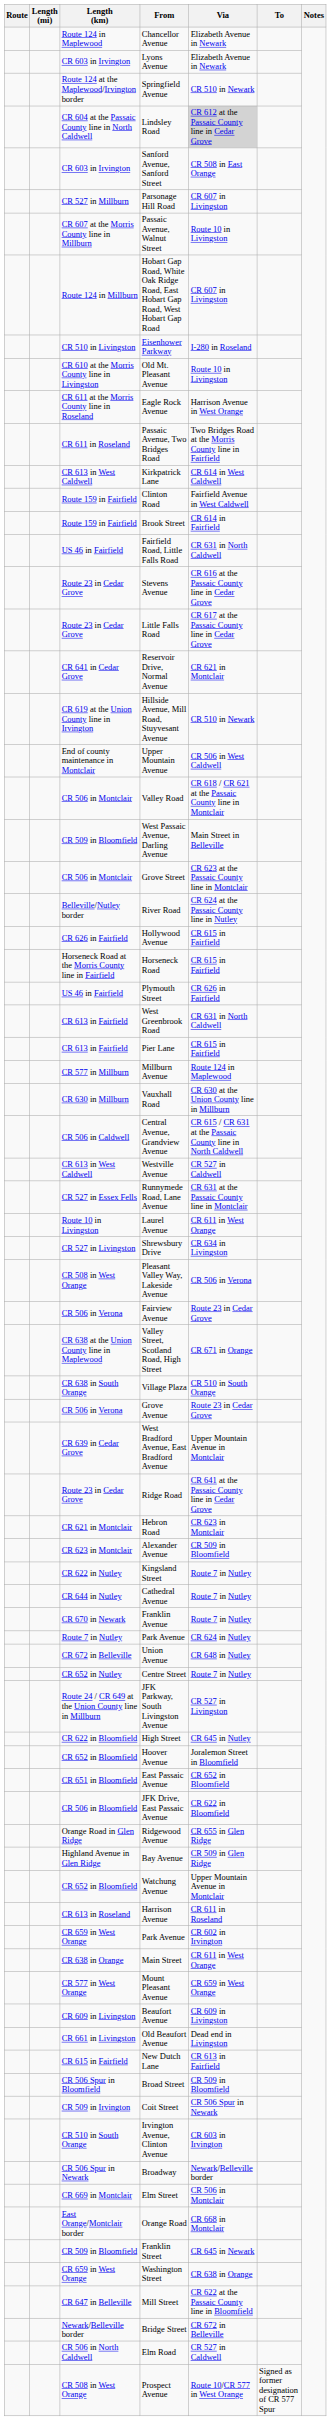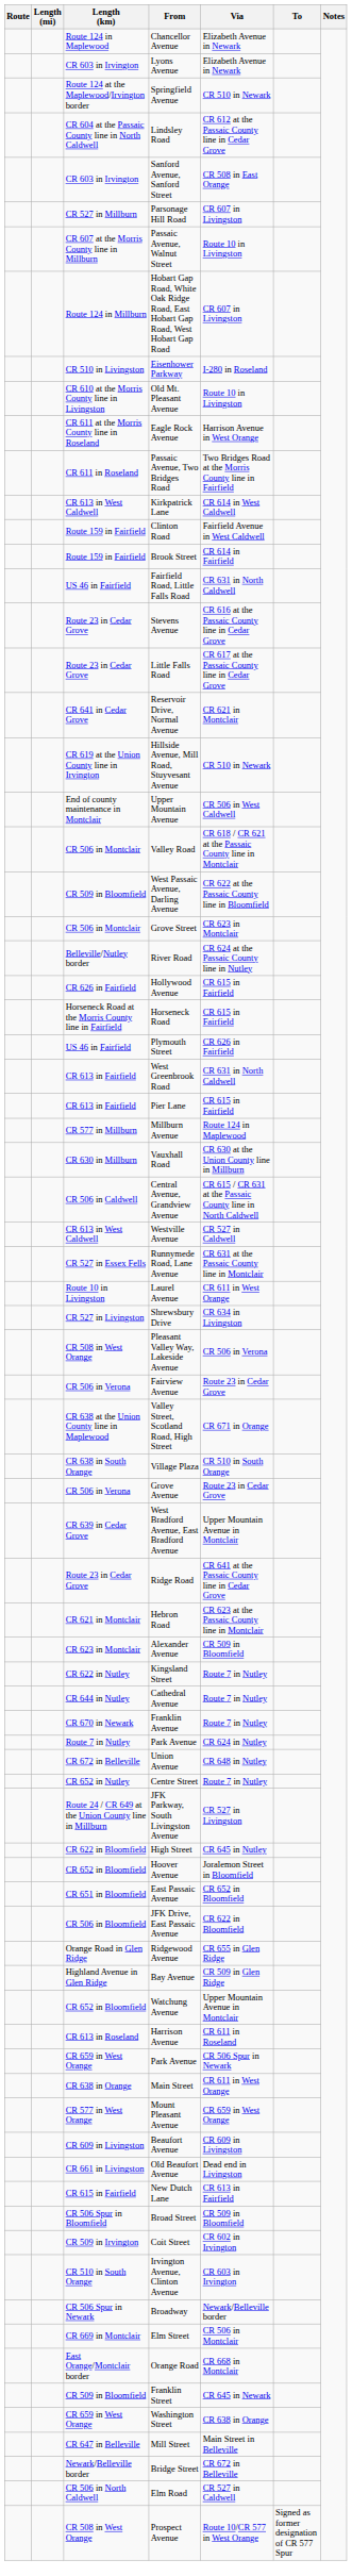 <table class="wikitable sortable">
 <tr>
 <th>Route</th>
 <th>Length<br>(mi)</th>
 <th>Length<br>(km)</th>
 <th class="unsortable">From</th>
 <th class="unsortable">Via</th>
 <th class="unsortable">To</th>
 <th class="unsortable">Notes</th>
 </tr>
 <tr>
 <td id="601"></td>
 <td></td>
 <td><a href='#'>Route 124</a> in <a href='#'>Maplewood</a></td>
 <td>Chancellor Avenue</td>
 <td>Elizabeth Avenue in <a href='#'>Newark</a></td>
 <td></td>
 </tr>
 <tr>
 <td id="602"></td>
 <td></td>
 <td><a href='#'>CR 603</a> in <a href='#'>Irvington</a></td>
 <td>Lyons Avenue</td>
 <td>Elizabeth Avenue in <a href='#'>Newark</a></td>
 <td></td>
 </tr>
 <tr>
 <td id="603"></td>
 <td></td>
 <td><a href='#'>Route 124</a> at the <a href='#'>Maplewood</a>/<a href='#'>Irvington</a> border</td>
 <td>Springfield Avenue</td>
 <td><a href='#'>CR 510</a> in <a href='#'>Newark</a></td>
 <td></td>
 </tr>
 <tr>
 <td id="604"></td>
 <td></td>
 <td><a href='#'>CR 604</a> at the <a href='#'>Passaic County</a> line in <a href='#'>North Caldwell</a></td>
 <td>Lindsley Road</td>
-<td style="background: lightgrey;"><a href='#'>CR 612</a> at the <a href='#'>Passaic County</a> line in <a href='#'>Cedar Grove</a></td>
+<td><a href='#'>CR 612</a> at the <a href='#'>Passaic County</a> line in <a href='#'>Cedar Grove</a></td>
 <td></td>
 </tr>
 <tr>
 <td id="605"></td>
 <td></td>
 <td><a href='#'>CR 603</a> in <a href='#'>Irvington</a></td>
 <td>Sanford Avenue, Sanford Street</td>
 <td><a href='#'>CR 508</a> in <a href='#'>East Orange</a></td>
 <td></td>
 </tr>
 <tr>
 <td id="606"></td>
 <td></td>
 <td><a href='#'>CR 527</a> in <a href='#'>Millburn</a></td>
 <td>Parsonage Hill Road</td>
 <td><a href='#'>CR 607</a> in <a href='#'>Livingston</a></td>
 <td></td>
 </tr>
 <tr>
 <td id="607"></td>
 <td></td>
 <td><a href='#'>CR 607</a> at the <a href='#'>Morris County</a> line in <a href='#'>Millburn</a></td>
 <td>Passaic Avenue, Walnut Street</td>
 <td><a href='#'>Route 10</a> in <a href='#'>Livingston</a></td>
 <td></td>
 </tr>
 <tr>
 <td id="608"></td>
 <td></td>
 <td><a href='#'>Route 124</a> in <a href='#'>Millburn</a></td>
 <td>Hobart Gap Road, White Oak Ridge Road, East Hobart Gap Road, West Hobart Gap Road</td>
 <td><a href='#'>CR 607</a> in <a href='#'>Livingston</a></td>
 <td></td>
 </tr>
 <tr>
 <td id="609"></td>
 <td></td>
 <td><a href='#'>CR 510</a> in <a href='#'>Livingston</a></td>
 <td><a href='#'>Eisenhower Parkway</a></td>
 <td><a href='#'>I-280</a> in <a href='#'>Roseland</a></td>
 <td></td>
 </tr>
 <tr>
 <td id="610"></td>
 <td></td>
 <td><a href='#'>CR 610</a> at the <a href='#'>Morris County</a> line in <a href='#'>Livingston</a></td>
 <td>Old Mt. Pleasant Avenue</td>
 <td><a href='#'>Route 10</a> in <a href='#'>Livingston</a></td>
 <td></td>
 </tr>
 <tr>
 <td id="611"></td>
 <td></td>
 <td><a href='#'>CR 611</a> at the <a href='#'>Morris County</a> line in <a href='#'>Roseland</a></td>
 <td>Eagle Rock Avenue</td>
 <td>Harrison Avenue in <a href='#'>West Orange</a></td>
 <td></td>
 </tr>
 <tr>
 <td id="613"></td>
 <td></td>
 <td><a href='#'>CR 611</a> in <a href='#'>Roseland</a></td>
 <td>Passaic Avenue, Two Bridges Road</td>
 <td>Two Bridges Road at the <a href='#'>Morris County</a> line in <a href='#'>Fairfield</a></td>
 <td></td>
 </tr>
 <tr>
 <td id="613 Spur"></td>
 <td></td>
 <td><a href='#'>CR 613</a> in <a href='#'>West Caldwell</a></td>
 <td>Kirkpatrick Lane</td>
 <td><a href='#'>CR 614</a> in <a href='#'>West Caldwell</a></td>
 <td></td>
 </tr>
 <tr>
 <td id="614"></td>
 <td></td>
 <td><a href='#'>Route 159</a> in <a href='#'>Fairfield</a></td>
 <td>Clinton Road</td>
 <td>Fairfield Avenue in <a href='#'>West Caldwell</a></td>
 <td></td>
 </tr>
 <tr>
 <td id="614 Spur"></td>
 <td></td>
 <td><a href='#'>Route 159</a> in <a href='#'>Fairfield</a></td>
 <td>Brook Street</td>
 <td><a href='#'>CR 614</a> in <a href='#'>Fairfield</a></td>
 <td></td>
 </tr>
 <tr>
 <td id="615"></td>
 <td></td>
 <td><a href='#'>US 46</a> in <a href='#'>Fairfield</a></td>
 <td>Fairfield Road, Little Falls Road</td>
 <td><a href='#'>CR 631</a> in <a href='#'>North Caldwell</a></td>
 <td></td>
 </tr>
 <tr>
 <td id="616"></td>
 <td></td>
 <td><a href='#'>Route 23</a> in <a href='#'>Cedar Grove</a></td>
 <td>Stevens Avenue</td>
 <td><a href='#'>CR 616</a> at the <a href='#'>Passaic County</a> line in <a href='#'>Cedar Grove</a></td>
 <td></td>
 </tr>
 <tr>
 <td id="617"></td>
 <td></td>
 <td><a href='#'>Route 23</a> in <a href='#'>Cedar Grove</a></td>
 <td>Little Falls Road</td>
 <td><a href='#'>CR 617</a> at the <a href='#'>Passaic County</a> line in <a href='#'>Cedar Grove</a></td>
 <td></td>
 </tr>
 <tr>
 <td id="618"></td>
 <td></td>
 <td><a href='#'>CR 641</a> in <a href='#'>Cedar Grove</a></td>
 <td>Reservoir Drive, Normal Avenue</td>
 <td><a href='#'>CR 621</a> in <a href='#'>Montclair</a></td>
 <td></td>
 </tr>
 <tr>
 <td id="619"></td>
 <td></td>
 <td><a href='#'>CR 619</a> at the <a href='#'>Union County</a> line in <a href='#'>Irvington</a></td>
 <td>Hillside Avenue, Mill Road, Stuyvesant Avenue</td>
 <td><a href='#'>CR 510</a> in <a href='#'>Newark</a></td>
 <td></td>
 </tr>
 <tr>
 <td id="620"></td>
 <td></td>
 <td>End of county maintenance in <a href='#'>Montclair</a></td>
 <td>Upper Mountain Avenue</td>
 <td><a href='#'>CR 506</a> in <a href='#'>West Caldwell</a></td>
 <td></td>
 </tr>
 <tr>
 <td id="621"></td>
 <td></td>
 <td><a href='#'>CR 506</a> in <a href='#'>Montclair</a></td>
 <td>Valley Road</td>
 <td><a href='#'>CR 618</a> / <a href='#'>CR 621</a> at the <a href='#'>Passaic County</a> line in <a href='#'>Montclair</a></td>
 <td></td>
 </tr>
 <tr>
 <td id="622"></td>
 <td></td>
 <td><a href='#'>CR 509</a> in <a href='#'>Bloomfield</a></td>
 <td>West Passaic Avenue, Darling Avenue</td>
-<td>Main Street in <a href='#'>Belleville</a></td>
+<td><a href='#'>CR 622</a> at the <a href='#'>Passaic County</a> line in <a href='#'>Bloomfield</a></td>
 <td></td>
 </tr>
 <tr>
 <td id="623"></td>
 <td></td>
 <td><a href='#'>CR 506</a> in <a href='#'>Montclair</a></td>
 <td>Grove Street</td>
-<td><a href='#'>CR 623</a> at the <a href='#'>Passaic County</a> line in <a href='#'>Montclair</a></td>
+<td><a href='#'>CR 623</a> in <a href='#'>Montclair</a></td>
 <td></td>
 </tr>
 <tr>
 <td id="624"></td>
 <td></td>
 <td><a href='#'>Belleville</a>/<a href='#'>Nutley</a> border</td>
 <td>River Road</td>
 <td><a href='#'>CR 624</a> at the <a href='#'>Passaic County</a> line in <a href='#'>Nutley</a></td>
 <td></td>
 </tr>
 <tr>
 <td id="625"></td>
 <td></td>
 <td><a href='#'>CR 626</a> in <a href='#'>Fairfield</a></td>
 <td>Hollywood Avenue</td>
 <td><a href='#'>CR 615</a> in <a href='#'>Fairfield</a></td>
 <td></td>
 </tr>
 <tr>
 <td id="626"></td>
 <td></td>
 <td>Horseneck Road at the <a href='#'>Morris County</a> line in <a href='#'>Fairfield</a></td>
 <td>Horseneck Road</td>
 <td><a href='#'>CR 615</a> in <a href='#'>Fairfield</a></td>
 <td></td>
 </tr>
 <tr>
 <td id="627"></td>
 <td></td>
 <td><a href='#'>US 46</a> in <a href='#'>Fairfield</a></td>
 <td>Plymouth Street</td>
 <td><a href='#'>CR 626</a> in <a href='#'>Fairfield</a></td>
 <td></td>
 </tr>
 <tr>
 <td id="628"></td>
 <td></td>
 <td><a href='#'>CR 613</a> in <a href='#'>Fairfield</a></td>
 <td>West Greenbrook Road</td>
 <td><a href='#'>CR 631</a> in <a href='#'>North Caldwell</a></td>
 <td></td>
 </tr>
 <tr>
 <td id="629"></td>
 <td></td>
 <td><a href='#'>CR 613</a> in <a href='#'>Fairfield</a></td>
 <td>Pier Lane</td>
 <td><a href='#'>CR 615</a> in <a href='#'>Fairfield</a></td>
 <td></td>
 </tr>
 <tr>
 <td id="630"></td>
 <td></td>
 <td><a href='#'>CR 577</a> in <a href='#'>Millburn</a></td>
 <td>Millburn Avenue</td>
 <td><a href='#'>Route 124</a> in <a href='#'>Maplewood</a></td>
 <td></td>
 </tr>
 <tr>
 <td id="630 Alternate"></td>
 <td></td>
 <td><a href='#'>CR 630</a> in <a href='#'>Millburn</a></td>
 <td>Vauxhall Road</td>
 <td><a href='#'>CR 630</a> at the <a href='#'>Union County</a> line in <a href='#'>Millburn</a></td>
 <td></td>
 </tr>
 <tr>
 <td id="631"></td>
 <td></td>
 <td><a href='#'>CR 506</a> in <a href='#'>Caldwell</a></td>
 <td>Central Avenue, Grandview Avenue</td>
 <td><a href='#'>CR 615</a> / <a href='#'>CR 631</a> at the <a href='#'>Passaic County</a> line in <a href='#'>North Caldwell</a></td>
 <td></td>
 </tr>
 <tr>
 <td id="632"></td>
 <td></td>
 <td><a href='#'>CR 613</a> in <a href='#'>West Caldwell</a></td>
 <td>Westville Avenue</td>
 <td><a href='#'>CR 527</a> in <a href='#'>Caldwell</a></td>
 <td></td>
 </tr>
 <tr>
 <td id="633"></td>
 <td></td>
 <td><a href='#'>CR 527</a> in <a href='#'>Essex Fells</a></td>
 <td>Runnymede Road, Lane Avenue</td>
 <td><a href='#'>CR 631</a> at the <a href='#'>Passaic County</a> line in <a href='#'>Montclair</a></td>
 <td></td>
 </tr>
 <tr>
 <td id="634"></td>
 <td></td>
 <td><a href='#'>Route 10</a> in <a href='#'>Livingston</a></td>
 <td>Laurel Avenue</td>
 <td><a href='#'>CR 611</a> in <a href='#'>West Orange</a></td>
 <td></td>
 </tr>
 <tr>
 <td id="635"></td>
 <td></td>
 <td><a href='#'>CR 527</a> in <a href='#'>Livingston</a></td>
 <td>Shrewsbury Drive</td>
 <td><a href='#'>CR 634</a> in <a href='#'>Livingston</a></td>
 <td></td>
 </tr>
 <tr>
 <td id="636"></td>
 <td></td>
 <td><a href='#'>CR 508</a> in <a href='#'>West Orange</a></td>
 <td>Pleasant Valley Way, Lakeside Avenue</td>
 <td><a href='#'>CR 506</a> in <a href='#'>Verona</a></td>
 <td></td>
 </tr>
 <tr>
 <td id="637"></td>
 <td></td>
 <td><a href='#'>CR 506</a> in <a href='#'>Verona</a></td>
 <td>Fairview Avenue</td>
 <td><a href='#'>Route 23</a> in <a href='#'>Cedar Grove</a></td>
 <td></td>
 </tr>
 <tr>
 <td id="638"></td>
 <td></td>
 <td><a href='#'>CR 638</a> at the <a href='#'>Union County</a> line in <a href='#'>Maplewood</a></td>
 <td>Valley Street, Scotland Road, High Street</td>
 <td><a href='#'>CR 671</a> in <a href='#'>Orange</a></td>
 <td></td>
 </tr>
 <tr>
 <td id="638 Spur"></td>
 <td></td>
 <td><a href='#'>CR 638</a> in <a href='#'>South Orange</a></td>
 <td>Village Plaza</td>
 <td><a href='#'>CR 510</a> in <a href='#'>South Orange</a></td>
 <td></td>
 </tr>
 <tr>
 <td id="639"></td>
 <td></td>
 <td><a href='#'>CR 506</a> in <a href='#'>Verona</a></td>
 <td>Grove Avenue</td>
 <td><a href='#'>Route 23</a> in <a href='#'>Cedar Grove</a></td>
 <td></td>
 </tr>
 <tr>
 <td id="640"></td>
 <td></td>
 <td><a href='#'>CR 639</a> in <a href='#'>Cedar Grove</a></td>
 <td>West Bradford Avenue, East Bradford Avenue</td>
 <td>Upper Mountain Avenue in <a href='#'>Montclair</a></td>
 <td></td>
 </tr>
 <tr>
 <td id="641"></td>
 <td></td>
 <td><a href='#'>Route 23</a> in <a href='#'>Cedar Grove</a></td>
 <td>Ridge Road</td>
 <td><a href='#'>CR 641</a> at the <a href='#'>Passaic County</a> line in <a href='#'>Cedar Grove</a></td>
 <td></td>
 </tr>
 <tr>
 <td id="642"></td>
 <td></td>
 <td><a href='#'>CR 621</a> in <a href='#'>Montclair</a></td>
 <td>Hebron Road</td>
-<td><a href='#'>CR 623</a> in <a href='#'>Montclair</a></td>
+<td><a href='#'>CR 623</a> at the <a href='#'>Passaic County</a> line in <a href='#'>Montclair</a></td>
 <td></td>
 </tr>
 <tr>
 <td id="643"></td>
 <td></td>
 <td><a href='#'>CR 623</a> in <a href='#'>Montclair</a></td>
 <td>Alexander Avenue</td>
 <td><a href='#'>CR 509</a> in <a href='#'>Bloomfield</a></td>
 <td></td>
 </tr>
 <tr>
 <td id="644"></td>
 <td></td>
 <td><a href='#'>CR 622</a> in <a href='#'>Nutley</a></td>
 <td>Kingsland Street</td>
 <td><a href='#'>Route 7</a> in <a href='#'>Nutley</a></td>
 <td></td>
 </tr>
 <tr>
 <td id="644 Spur"></td>
 <td></td>
 <td><a href='#'>CR 644</a> in <a href='#'>Nutley</a></td>
 <td>Cathedral Avenue</td>
 <td><a href='#'>Route 7</a> in <a href='#'>Nutley</a></td>
 <td></td>
 </tr>
 <tr>
 <td id="645"></td>
 <td></td>
 <td><a href='#'>CR 670</a> in <a href='#'>Newark</a></td>
 <td>Franklin Avenue</td>
 <td><a href='#'>Route 7</a> in <a href='#'>Nutley</a></td>
 <td></td>
 </tr>
 <tr>
 <td id="646"></td>
 <td></td>
 <td><a href='#'>Route 7</a> in <a href='#'>Nutley</a></td>
 <td>Park Avenue</td>
 <td><a href='#'>CR 624</a> in <a href='#'>Nutley</a></td>
 <td></td>
 </tr>
 <tr>
 <td id="647"></td>
 <td></td>
 <td><a href='#'>CR 672</a> in <a href='#'>Belleville</a></td>
 <td>Union Avenue</td>
 <td><a href='#'>CR 648</a> in <a href='#'>Nutley</a></td>
 <td></td>
 </tr>
 <tr>
 <td id="648"></td>
 <td></td>
 <td><a href='#'>CR 652</a> in <a href='#'>Nutley</a></td>
 <td>Centre Street</td>
 <td><a href='#'>Route 7</a> in <a href='#'>Nutley</a></td>
 <td></td>
 </tr>
 <tr>
 <td id="649"></td>
 <td></td>
 <td><a href='#'>Route 24</a> / <a href='#'>CR 649</a> at the <a href='#'>Union County</a> line in <a href='#'>Millburn</a></td>
 <td>JFK Parkway, South Livingston Avenue</td>
 <td><a href='#'>CR 527</a> in <a href='#'>Livingston</a></td>
 <td></td>
 </tr>
 <tr>
 <td id="650"></td>
 <td></td>
 <td><a href='#'>CR 622</a> in <a href='#'>Bloomfield</a></td>
 <td>High Street</td>
 <td><a href='#'>CR 645</a> in <a href='#'>Nutley</a></td>
 <td></td>
 </tr>
 <tr>
 <td id="651"></td>
 <td></td>
 <td><a href='#'>CR 652</a> in <a href='#'>Bloomfield</a></td>
 <td>Hoover Avenue</td>
 <td>Joralemon Street in <a href='#'>Bloomfield</a></td>
 <td></td>
 </tr>
 <tr>
 <td id="651 Spur"></td>
 <td></td>
 <td><a href='#'>CR 651</a> in <a href='#'>Bloomfield</a></td>
 <td>East Passaic Avenue</td>
 <td><a href='#'>CR 652</a> in <a href='#'>Bloomfield</a></td>
 <td></td>
 </tr>
 <tr>
 <td id="652"></td>
 <td></td>
 <td><a href='#'>CR 506</a> in <a href='#'>Bloomfield</a></td>
 <td>JFK Drive, East Passaic Avenue</td>
 <td><a href='#'>CR 622</a> in <a href='#'>Bloomfield</a></td>
 <td></td>
 </tr>
 <tr>
 <td id="653"></td>
 <td></td>
 <td>Orange Road in <a href='#'>Glen Ridge</a></td>
 <td>Ridgewood Avenue</td>
 <td><a href='#'>CR 655</a> in <a href='#'>Glen Ridge</a></td>
 <td></td>
 </tr>
 <tr>
 <td id="654"></td>
 <td></td>
 <td>Highland Avenue in <a href='#'>Glen Ridge</a></td>
 <td>Bay Avenue</td>
 <td><a href='#'>CR 509</a> in <a href='#'>Glen Ridge</a></td>
 <td></td>
 </tr>
 <tr>
 <td id="655"></td>
 <td></td>
 <td><a href='#'>CR 652</a> in <a href='#'>Bloomfield</a></td>
 <td>Watchung Avenue</td>
 <td>Upper Mountain Avenue in <a href='#'>Montclair</a></td>
 <td></td>
 </tr>
 <tr>
 <td id="656"></td>
 <td></td>
 <td><a href='#'>CR 613</a> in <a href='#'>Roseland</a></td>
 <td>Harrison Avenue</td>
 <td><a href='#'>CR 611</a> in <a href='#'>Roseland</a></td>
 <td></td>
 </tr>
 <tr>
 <td id="658"></td>
 <td></td>
 <td><a href='#'>CR 659</a> in <a href='#'>West Orange</a></td>
 <td>Park Avenue</td>
-<td><a href='#'>CR 602</a> in <a href='#'>Irvington</a></td>
+<td><a href='#'>CR 506 Spur</a> in <a href='#'>Newark</a></td>
 <td></td>
 </tr>
 <tr>
 <td id="659"></td>
 <td></td>
 <td><a href='#'>CR 638</a> in <a href='#'>Orange</a></td>
 <td>Main Street</td>
 <td><a href='#'>CR 611</a> in <a href='#'>West Orange</a></td>
 <td></td>
 </tr>
 <tr>
 <td id="660"></td>
 <td></td>
 <td><a href='#'>CR 577</a> in <a href='#'>West Orange</a></td>
 <td>Mount Pleasant Avenue</td>
 <td><a href='#'>CR 659</a> in <a href='#'>West Orange</a></td>
 <td></td>
 </tr>
 <tr>
 <td id="661"></td>
 <td></td>
 <td><a href='#'>CR 609</a> in <a href='#'>Livingston</a></td>
 <td>Beaufort Avenue</td>
 <td><a href='#'>CR 609</a> in <a href='#'>Livingston</a></td>
 <td></td>
 </tr>
 <tr>
 <td id="661 Spur"></td>
 <td></td>
 <td><a href='#'>CR 661</a> in <a href='#'>Livingston</a></td>
 <td>Old Beaufort Avenue</td>
 <td>Dead end in <a href='#'>Livingston</a></td>
 <td></td>
 </tr>
 <tr>
 <td id="662"></td>
 <td></td>
 <td><a href='#'>CR 615</a> in <a href='#'>Fairfield</a></td>
 <td>New Dutch Lane</td>
 <td><a href='#'>CR 613</a> in <a href='#'>Fairfield</a></td>
 <td></td>
 </tr>
 <tr>
 <td id="663"></td>
 <td></td>
 <td><a href='#'>CR 506 Spur</a> in <a href='#'>Bloomfield</a></td>
 <td>Broad Street</td>
 <td><a href='#'>CR 509</a> in <a href='#'>Bloomfield</a></td>
 <td></td>
 </tr>
 <tr>
 <td id="664"></td>
 <td></td>
 <td><a href='#'>CR 509</a> in <a href='#'>Irvington</a></td>
 <td>Coit Street</td>
-<td><a href='#'>CR 506 Spur</a> in <a href='#'>Newark</a></td>
+<td><a href='#'>CR 602</a> in <a href='#'>Irvington</a></td>
 <td></td>
 </tr>
 <tr>
 <td id="665"></td>
 <td></td>
 <td><a href='#'>CR 510</a> in <a href='#'>South Orange</a></td>
 <td>Irvington Avenue, Clinton Avenue</td>
 <td><a href='#'>CR 603</a> in <a href='#'>Irvington</a></td>
 <td></td>
 </tr>
 <tr>
 <td id="667"></td>
 <td></td>
 <td><a href='#'>CR 506 Spur</a> in <a href='#'>Newark</a></td>
 <td>Broadway</td>
 <td><a href='#'>Newark</a>/<a href='#'>Belleville</a> border</td>
 <td></td>
 </tr>
 <tr>
 <td id="668"></td>
 <td></td>
 <td><a href='#'>CR 669</a> in <a href='#'>Montclair</a></td>
 <td>Elm Street</td>
 <td><a href='#'>CR 506</a> in <a href='#'>Montclair</a></td>
 <td></td>
 </tr>
 <tr>
 <td id="669"></td>
 <td></td>
 <td><a href='#'>East Orange</a>/<a href='#'>Montclair</a> border</td>
 <td>Orange Road</td>
 <td><a href='#'>CR 668</a> in <a href='#'>Montclair</a></td>
 <td></td>
 </tr>
 <tr>
 <td id="670"></td>
 <td></td>
 <td><a href='#'>CR 509</a> in <a href='#'>Bloomfield</a></td>
 <td>Franklin Street</td>
 <td><a href='#'>CR 645</a> in <a href='#'>Newark</a></td>
 <td></td>
 </tr>
 <tr>
 <td id="671"></td>
 <td></td>
 <td><a href='#'>CR 659</a> in <a href='#'>West Orange</a></td>
 <td>Washington Street</td>
 <td><a href='#'>CR 638</a> in <a href='#'>Orange</a></td>
 <td></td>
 </tr>
 <tr>
 <td id="672"></td>
 <td></td>
 <td><a href='#'>CR 647</a> in <a href='#'>Belleville</a></td>
 <td>Mill Street</td>
-<td><a href='#'>CR 622</a> at the <a href='#'>Passaic County</a> line in <a href='#'>Bloomfield</a></td>
+<td>Main Street in <a href='#'>Belleville</a></td>
 <td></td>
 </tr>
 <tr>
 <td id="672 Spur"></td>
 <td></td>
 <td><a href='#'>Newark</a>/<a href='#'>Belleville</a> border</td>
 <td>Bridge Street</td>
 <td><a href='#'>CR 672</a> in <a href='#'>Belleville</a></td>
 <td></td>
 </tr>
 <tr>
 <td id="673"></td>
 <td></td>
 <td><a href='#'>CR 506</a> in <a href='#'>North Caldwell</a></td>
 <td>Elm Road</td>
 <td><a href='#'>CR 527</a> in <a href='#'>Caldwell</a></td>
 <td></td>
 </tr>
 <tr>
 <td id="677"></td>
 <td></td>
 <td><a href='#'>CR 508</a> in <a href='#'>West Orange</a></td>
 <td>Prospect Avenue</td>
 <td><a href='#'>Route 10</a>/<a href='#'>CR 577</a> in <a href='#'>West Orange</a></td>
 <td>Signed as former designation of CR 577 Spur</td>
 </tr>
 </table>
